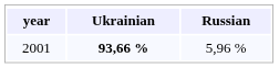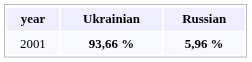 <table width="300" align="center" border="0" cellspacing="2" cellpadding="5" style="border:1px solid #AAAAAA;">
 <tr bgcolor="#AAAAFF">
 </tr>
 <tr bgcolor="#eeeeff">
 <th>year</th>
 <th>Ukrainian</th>
 <th>Russian</th>
 </tr>
 <tr bgcolor="#f7f9ff">
 <td align=center>2001</td>
 <td align=center><strong>93,66 %</strong></td>
-<td align=center>5,96 %</td>
+<td align=center><strong>5,96 %</strong></td>
 </tr>
 </table>
